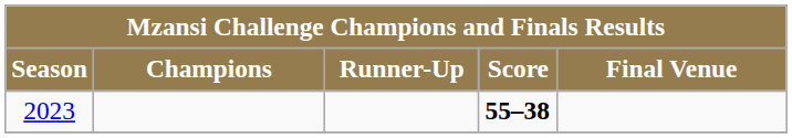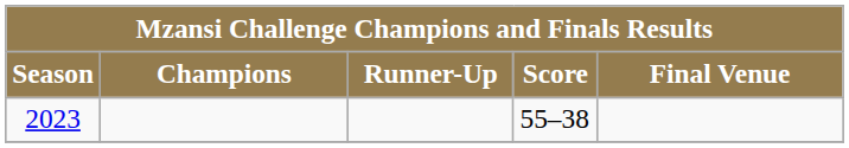 <table class="wikitable" style="text-align:left; font-size:90%; width:70%;">
 <tr>
 <td colspan=5 align=center ! style="background: #947C4E; color:#FFFFFF"><strong>Mzansi Challenge Champions and Finals Results</strong></td>
 </tr>
 <tr>
 <th style="background: #947C4E; color:#FFFFFF" width="10%">Season</th>
 <th style="background: #947C4E; color:#FFFFFF" width="30%">Champions</th>
 <th style="background: #947C4E; color:#FFFFFF" width="20%">Runner-Up</th>
 <th style="background: #947C4E; color:#FFFFFF" width="10%">Score</th>
 <th style="background: #947C4E; color:#FFFFFF" width="30%">Final Venue</th>
 </tr>
 <tr>
 <td style="text-align:center"><a href='#'>2023</a></td>
 <td></td>
 <td></td>
-<td><strong>55–38</strong></td>
+<td>55–38</td>
 <td></td>
 </tr>
 <tr>
 </tr>
 </table>
